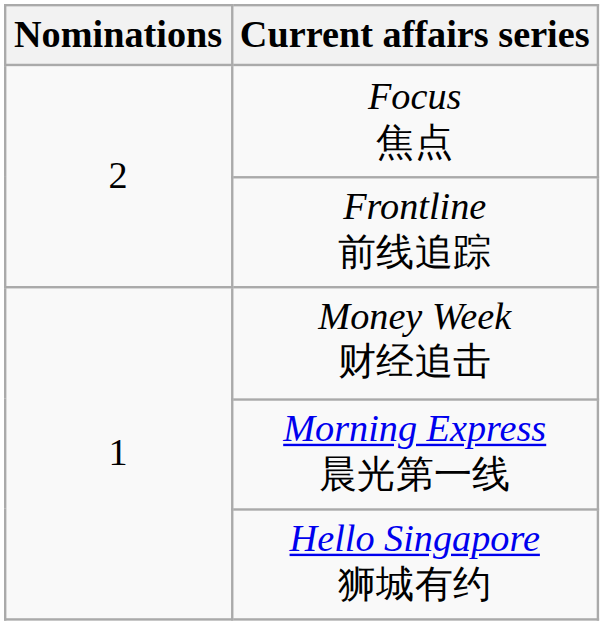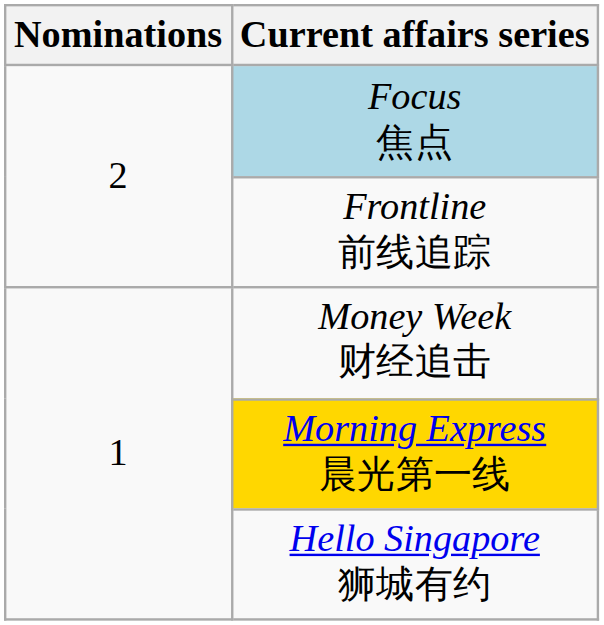 <table class="wikitable" style="text-align:center;">
 <tr>
 <th scope="col" width="55">Nominations</th>
 <th scope="col" align="center">Current affairs series</th>
 </tr>
 <tr>
 <td rowspan=2 style="text-align:center;">2</td>
-<td><em>Focus</em><br>焦点</td>
+<td style="background: lightblue;"><em>Focus</em><br>焦点</td>
 </tr>
 <tr>
 <td><em>Frontline</em><br>前线追踪</td>
 </tr>
 <tr>
 <td rowspan=3 style="text-align:center;">1</td>
 <td><em>Money Week</em><br>财经追击</td>
 </tr>
 <tr>
-<td><em><a href='#'>Morning Express</a></em><br>晨光第一线</td>
+<td style="background: gold;"><em><a href='#'>Morning Express</a></em><br>晨光第一线</td>
 </tr>
 <tr>
 <td><em><a href='#'>Hello Singapore</a></em><br>狮城有约</td>
 </tr>
 </table>
